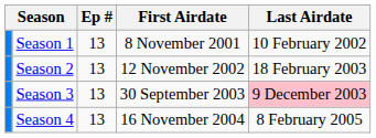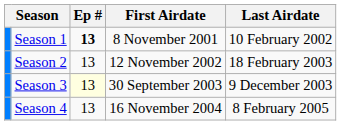 <table class="wikitable">
 <tr>
 <th colspan="2">Season</th>
 <th>Ep #</th>
 <th>First Airdate</th>
 <th>Last Airdate</th>
 </tr>
 <tr>
 <td bgcolor="#007FFF"></td>
 <td style="text-align: left; top"><a href='#'>Season 1</a></td>
-<td style="text-align: center; top">13</td>
+<td style="text-align: center; top"><strong>13</strong></td>
 <td style="text-align: center; top">8 November 2001</td>
 <td style="text-align: center; top">10 February 2002</td>
 </tr>
 <tr>
 <td bgcolor="#007FFF"></td>
 <td style="text-align: left; top"><a href='#'>Season 2</a></td>
 <td style="text-align: center; top">13</td>
 <td style="text-align: center; top">12 November 2002</td>
 <td style="text-align: center; top">18 February 2003</td>
 </tr>
 <tr>
 <td bgcolor="#007FFF"></td>
 <td style="text-align: left; top"><a href='#'>Season 3</a></td>
-<td style="text-align: center; top">13</td>
+<td style="background: lightyellow; text-align: center; top">13</td>
 <td style="text-align: center; top">30 September 2003</td>
-<td style="background: pink; text-align: center; top">9 December 2003</td>
+<td style="text-align: center; top">9 December 2003</td>
 </tr>
 <tr>
 <td bgcolor="#007FFF"></td>
 <td style="text-align: left; top"><a href='#'>Season 4</a></td>
 <td style="text-align: center; top">13</td>
 <td style="text-align: center; top">16 November 2004</td>
 <td style="text-align: center; top">8 February 2005</td>
 </tr>
 </table>
